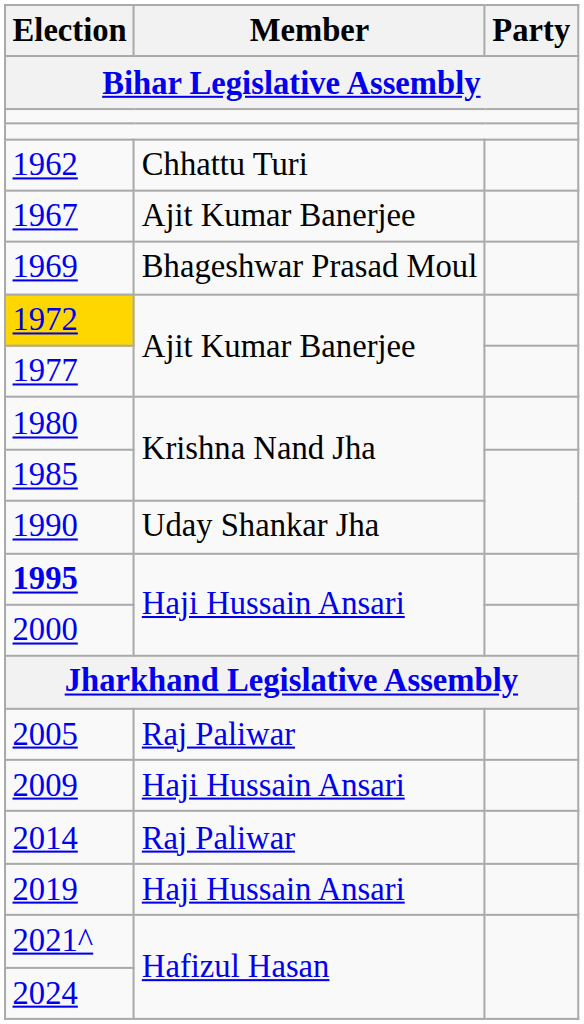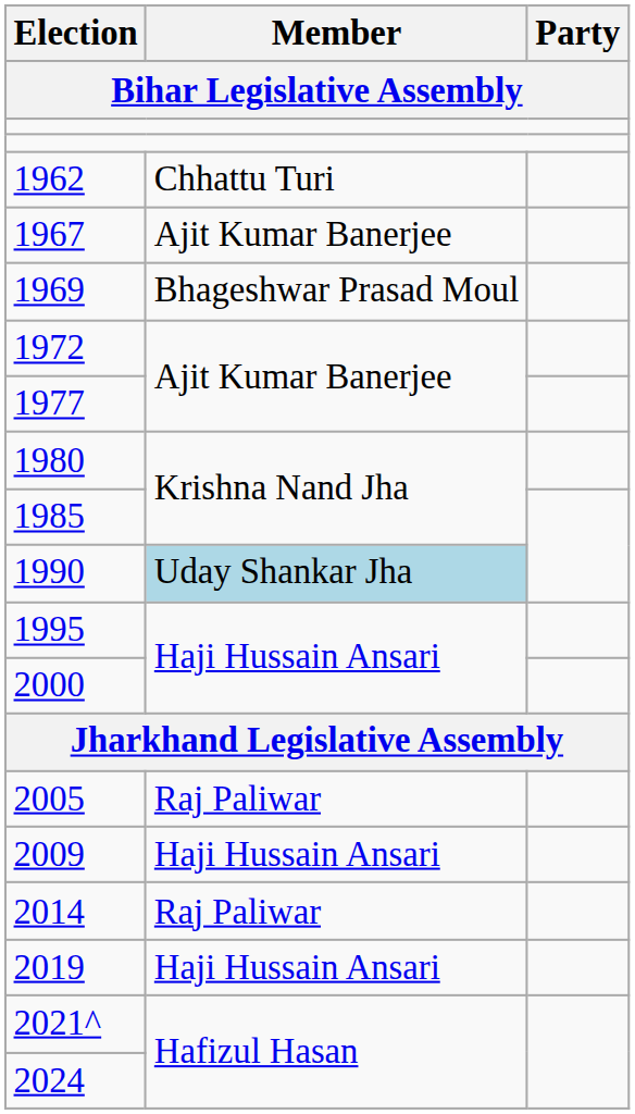 <table class="wikitable sortable">
 <tr>
 <th>Election</th>
 <th>Member</th>
 <th colspan=2>Party</th>
 </tr>
 <tr>
 <th colspan=4><a href='#'>Bihar Legislative Assembly</a></th>
 </tr>
 <tr>
 <td colspan="4"></td>
 </tr>
 <tr>
 <td colspan="4"></td>
 </tr>
 <tr>
 <td><a href='#'>1962</a></td>
 <td>Chhattu Turi</td>
 <td></td>
 </tr>
 <tr>
 <td><a href='#'>1967</a></td>
 <td>Ajit Kumar Banerjee</td>
 <td></td>
 </tr>
 <tr>
 <td><a href='#'>1969</a></td>
 <td>Bhageshwar Prasad Moul</td>
 <td></td>
 </tr>
 <tr>
-<td style="background: gold;"><a href='#'>1972</a></td>
+<td><a href='#'>1972</a></td>
 <td rowspan=2>Ajit Kumar Banerjee</td>
 <td></td>
 </tr>
 <tr>
 <td><a href='#'>1977</a></td>
 <td></td>
 </tr>
 <tr>
 <td><a href='#'>1980</a></td>
 <td rowspan=2>Krishna Nand Jha</td>
 <td></td>
 </tr>
 <tr>
 <td><a href='#'>1985</a></td>
 </tr>
 <tr>
 <td><a href='#'>1990</a></td>
-<td>Uday Shankar Jha</td>
+<td style="background: lightblue;">Uday Shankar Jha</td>
 </tr>
 <tr>
-<td><strong><a href='#'>1995</a></strong></td>
+<td><a href='#'>1995</a></td>
 <td rowspan=2><a href='#'>Haji Hussain Ansari</a></td>
 <td></td>
 </tr>
 <tr>
 <td><a href='#'>2000</a></td>
 </tr>
 <tr>
 <th colspan=4><a href='#'>Jharkhand Legislative Assembly</a></th>
 </tr>
 <tr>
 <td><a href='#'>2005</a></td>
 <td><a href='#'>Raj Paliwar</a></td>
 <td></td>
 </tr>
 <tr>
 <td><a href='#'>2009</a></td>
 <td><a href='#'>Haji Hussain Ansari</a></td>
 <td></td>
 </tr>
 <tr>
 <td><a href='#'>2014</a></td>
 <td><a href='#'>Raj Paliwar</a></td>
 <td></td>
 </tr>
 <tr>
 <td><a href='#'>2019</a></td>
 <td><a href='#'>Haji Hussain Ansari</a></td>
 <td></td>
 </tr>
 <tr>
 <td><a href='#'>2021^</a></td>
 <td rowspan="2"><a href='#'>Hafizul Hasan</a></td>
 </tr>
 <tr>
 <td><a href='#'>2024</a></td>
 </tr>
 </table>
